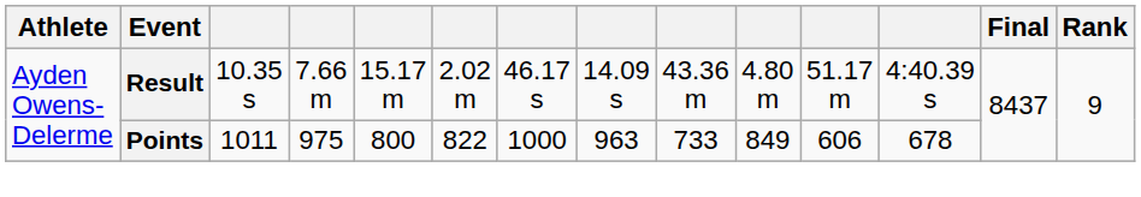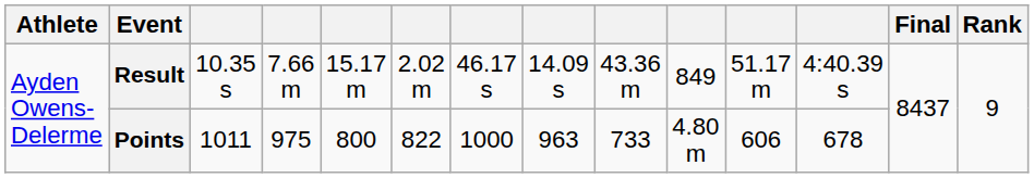 <table class=wikitable style="font-size:90%;">
 <tr>
 <th>Athlete</th>
 <th>Event</th>
 <th></th>
 <th></th>
 <th></th>
 <th></th>
 <th></th>
 <th></th>
 <th></th>
 <th></th>
 <th></th>
 <th></th>
 <th>Final</th>
 <th>Rank</th>
 </tr>
 <tr align=center>
 <td rowspan=2 align=left><a href='#'>Ayden Owens-Delerme</a></td>
 <th style="font-size:95%">Result</th>
 <td>10.35 s</td>
 <td>7.66 m <strong></strong></td>
 <td>15.17 m</td>
 <td>2.02 m <strong></strong></td>
 <td>46.17 s</td>
 <td>14.09 s</td>
 <td>43.36 m</td>
-<td>4.80 m</td>
+<td>849</td>
 <td>51.17 m</td>
 <td>4:40.39 s <strong></strong></td>
 <td rowspan=2>8437</td>
 <td rowspan=2>9</td>
 </tr>
 <tr align=center>
 <th style="font-size:95%">Points</th>
 <td>1011</td>
 <td>975</td>
 <td>800</td>
 <td>822</td>
 <td>1000</td>
 <td>963</td>
 <td>733</td>
-<td>849</td>
+<td>4.80 m</td>
 <td>606</td>
 <td>678</td>
 </tr>
 </table>
